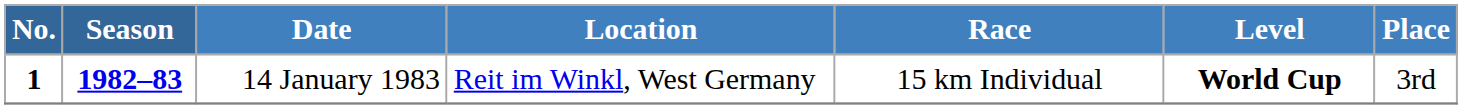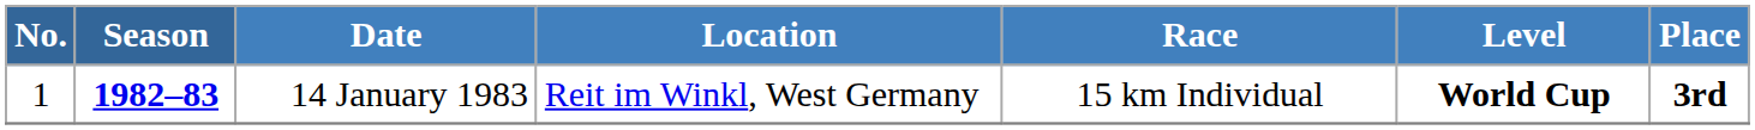 <table class="wikitable sortable" style="font-size:95%; text-align:center; border:grey solid 1px; border-collapse:collapse; background:#ffffff;">
 <tr style="background:#efefef;">
 <th style="background-color:#369; color:white;">No.</th>
 <th style="background-color:#369; color:white;">Season</th>
 <th style="background-color:#4180be; color:white; width:120px;">Date</th>
 <th style="background-color:#4180be; color:white; width:190px;">Location</th>
 <th style="background-color:#4180be; color:white; width:160px;">Race</th>
 <th style="background-color:#4180be; color:white; width:100px;">Level</th>
 <th style="background-color:#4180be; color:white;">Place</th>
 </tr>
 <tr>
-<td align=center><strong>1</strong></td>
+<td align=center>1</td>
 <td rowspan=1 align=center><strong> <a href='#'>1982–83</a> </strong></td>
 <td align=right>14 January 1983</td>
 <td align=left> <a href='#'>Reit im Winkl</a>, West Germany</td>
 <td>15 km Individual</td>
 <td><strong>World Cup</strong></td>
-<td>3rd</td>
+<td><strong>3rd</strong></td>
 </tr>
 <tr>
 </tr>
 </table>
